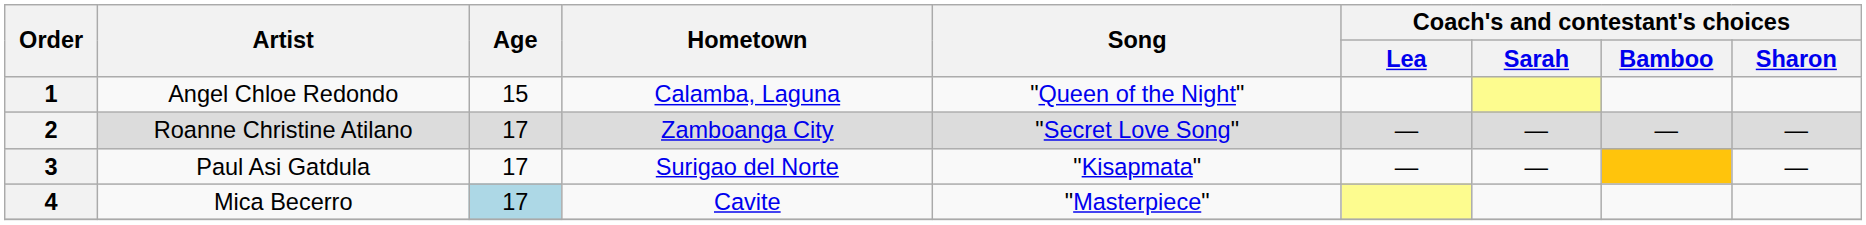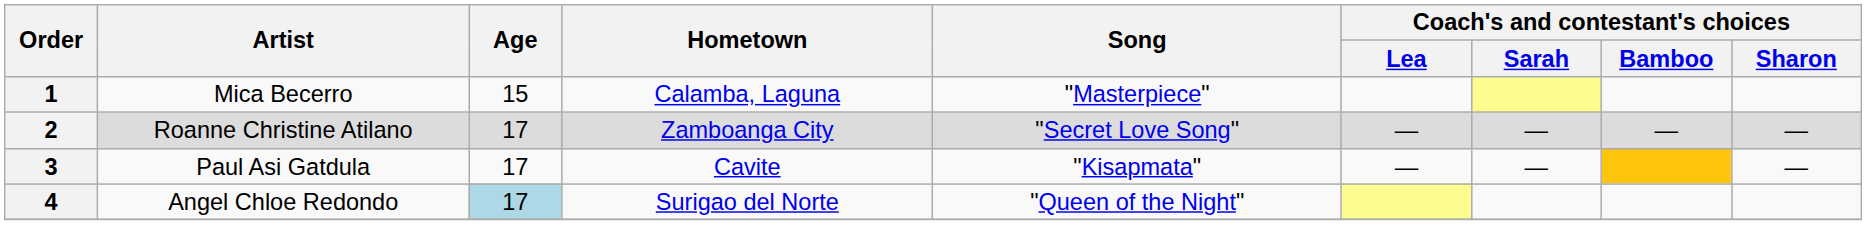 <table class="wikitable" style="text-align:center; line-height:17px; width:100%;">
 <tr>
 <th scope="col" rowspan="2" width="05%">Order</th>
 <th scope="col" rowspan="2" width="20%">Artist</th>
 <th scope="col" rowspan="2" width="05%">Age</th>
 <th scope="col" rowspan="2" width="20%">Hometown</th>
 <th scope="col" rowspan="2" width="22%">Song</th>
 <th scope="col" colspan="4" width="28%">Coach's and contestant's choices</th>
 </tr>
 <tr>
 <th width="07%"><a href='#'>Lea</a></th>
 <th width="07%"><a href='#'>Sarah</a></th>
 <th width="07%"><a href='#'>Bamboo</a></th>
 <th width="07%"><a href='#'>Sharon</a></th>
 </tr>
 <tr>
 <th>1</th>
-<td>Angel Chloe Redondo</td>
+<td>Mica Becerro</td>
 <td>15</td>
 <td><a href='#'>Calamba, Laguna</a></td>
-<td>"<a href='#'>Queen of the Night</a>"</td>
+<td>"<a href='#'>Masterpiece</a>"</td>
 <td><strong></strong></td>
 <td style="background:#fdfc8f;"><strong></strong></td>
 <td><strong></strong></td>
 <td><strong></strong></td>
 </tr>
 <tr>
 <th>2</th>
 <td style="background:#DCDCDC;">Roanne Christine Atilano</td>
 <td style="background:#DCDCDC;">17</td>
 <td style="background:#DCDCDC;"><a href='#'>Zamboanga City</a></td>
 <td style="background:#DCDCDC;">"<a href='#'>Secret Love Song</a>"</td>
 <td style="background:#DCDCDC;">—</td>
 <td style="background:#DCDCDC;">—</td>
 <td style="background:#DCDCDC;">—</td>
 <td style="background:#DCDCDC;">—</td>
 </tr>
 <tr>
 <th>3</th>
 <td>Paul Asi Gatdula</td>
 <td>17</td>
-<td><a href='#'>Surigao del Norte</a></td>
+<td><a href='#'>Cavite</a></td>
 <td>"<a href='#'>Kisapmata</a>"</td>
 <td>—</td>
 <td>—</td>
 <td style="background:#FFC40C;"><strong></strong></td>
 <td>—</td>
 </tr>
 <tr>
 <th>4</th>
-<td>Mica Becerro</td>
+<td>Angel Chloe Redondo</td>
 <td style="background: lightblue;">17</td>
-<td><a href='#'>Cavite</a></td>
-<td>"<a href='#'>Masterpiece</a>"</td>
+<td><a href='#'>Surigao del Norte</a></td>
+<td>"<a href='#'>Queen of the Night</a>"</td>
 <td style="background:#fdfc8f;"><strong></strong></td>
 <td><strong></strong></td>
 <td><strong></strong></td>
 <td><strong></strong></td>
 </tr>
 <tr>
 </tr>
 </table>
